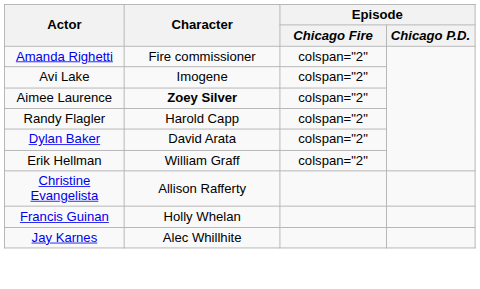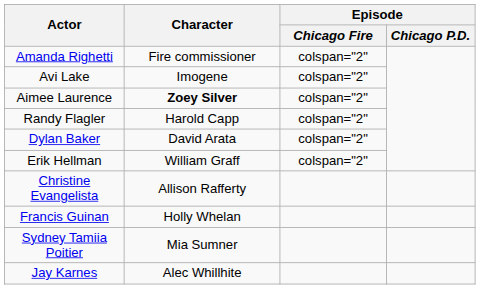 <table class="wikitable" style="width:65%; text-align:center;">
 <tr>
 <th scope="col" rowspan="2" width=15%>Actor</th>
 <th scope="col" rowspan="2" width=20%>Character</th>
 <th scope="col" colspan="2">Episode</th>
 </tr>
 <tr>
 <th scope="col" width=10%><em>Chicago Fire</em></th>
 <th scope="col" width=10%><em>Chicago P.D.</em></th>
 </tr>
 <tr>
 <td><a href='#'>Amanda Righetti</a></td>
 <td>Fire commissioner</td>
 <td>colspan="2" </td>
 </tr>
 <tr>
 <td>Avi Lake</td>
 <td>Imogene</td>
 <td>colspan="2" </td>
 </tr>
 <tr>
 <td>Aimee Laurence</td>
 <td><strong>Zoey Silver</strong></td>
 <td>colspan="2" </td>
 </tr>
 <tr>
 <td>Randy Flagler</td>
 <td>Harold Capp</td>
 <td>colspan="2" </td>
 </tr>
 <tr>
 <td><a href='#'>Dylan Baker</a></td>
 <td>David Arata</td>
 <td>colspan="2" </td>
 </tr>
 <tr>
 <td>Erik Hellman</td>
 <td>William Graff</td>
 <td>colspan="2" </td>
 </tr>
 <tr>
 <td><a href='#'>Christine Evangelista</a></td>
 <td>Allison Rafferty</td>
 <td></td>
 <td></td>
 </tr>
 <tr>
 <td><a href='#'>Francis Guinan</a></td>
 <td>Holly Whelan</td>
 <td></td>
 <td></td>
 </tr>
 <tr>
+<td><a href='#'>Sydney Tamiia Poitier</a></td>
+<td>Mia Sumner</td>
+<td></td>
+<td></td>
+</tr>
+<tr>
 <td><a href='#'>Jay Karnes</a></td>
 <td>Alec Whillhite</td>
 <td></td>
 <td></td>
 </tr>
 </table>
